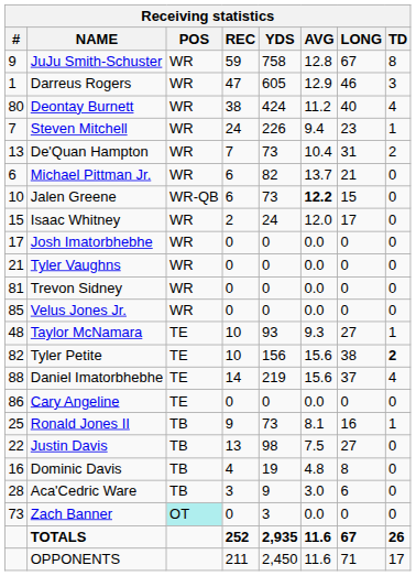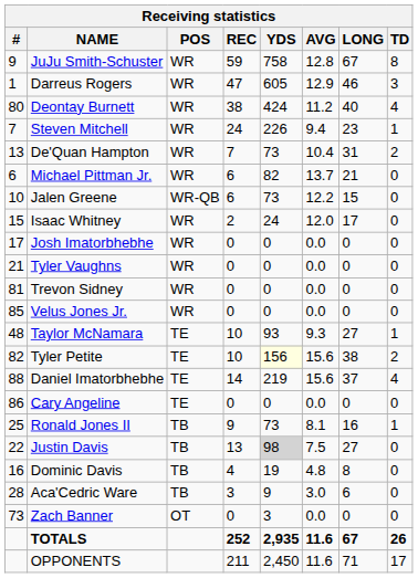 <table class="wikitable sortable collapsible collapsed">
 <tr>
 <th colspan="8">Receiving statistics</th>
 </tr>
 <tr>
 <th>#</th>
 <th>NAME</th>
 <th>POS</th>
 <th>REC</th>
 <th>YDS</th>
 <th>AVG</th>
 <th>LONG</th>
 <th>TD</th>
 </tr>
 <tr>
 <td>9</td>
 <td><a href='#'>JuJu Smith-Schuster</a></td>
 <td>WR</td>
 <td>59</td>
 <td>758</td>
 <td>12.8</td>
 <td>67</td>
 <td>8</td>
 </tr>
 <tr>
 <td>1</td>
 <td>Darreus Rogers</td>
 <td>WR</td>
 <td>47</td>
 <td>605</td>
 <td>12.9</td>
 <td>46</td>
 <td>3</td>
 </tr>
 <tr>
 <td>80</td>
 <td><a href='#'>Deontay Burnett</a></td>
 <td>WR</td>
 <td>38</td>
 <td>424</td>
 <td>11.2</td>
 <td>40</td>
 <td>4</td>
 </tr>
 <tr>
 <td>7</td>
 <td><a href='#'>Steven Mitchell</a></td>
 <td>WR</td>
 <td>24</td>
 <td>226</td>
 <td>9.4</td>
 <td>23</td>
 <td>1</td>
 </tr>
 <tr>
 <td>13</td>
 <td>De'Quan Hampton</td>
 <td>WR</td>
 <td>7</td>
 <td>73</td>
 <td>10.4</td>
 <td>31</td>
 <td>2</td>
 </tr>
 <tr>
 <td>6</td>
 <td><a href='#'>Michael Pittman Jr.</a></td>
 <td>WR</td>
 <td>6</td>
 <td>82</td>
 <td>13.7</td>
 <td>21</td>
 <td>0</td>
 </tr>
 <tr>
 <td>10</td>
 <td>Jalen Greene</td>
 <td>WR-QB</td>
 <td>6</td>
 <td>73</td>
-<td><strong>12.2</strong></td>
+<td>12.2</td>
 <td>15</td>
 <td>0</td>
 </tr>
 <tr>
 <td>15</td>
 <td>Isaac Whitney</td>
 <td>WR</td>
 <td>2</td>
 <td>24</td>
 <td>12.0</td>
 <td>17</td>
 <td>0</td>
 </tr>
 <tr>
 <td>17</td>
 <td><a href='#'>Josh Imatorbhebhe</a></td>
 <td>WR</td>
 <td>0</td>
 <td>0</td>
 <td>0.0</td>
 <td>0</td>
 <td>0</td>
 </tr>
 <tr>
 <td>21</td>
 <td><a href='#'>Tyler Vaughns</a></td>
 <td>WR</td>
 <td>0</td>
 <td>0</td>
 <td>0.0</td>
 <td>0</td>
 <td>0</td>
 </tr>
 <tr>
 <td>81</td>
 <td>Trevon Sidney</td>
 <td>WR</td>
 <td>0</td>
 <td>0</td>
 <td>0.0</td>
 <td>0</td>
 <td>0</td>
 </tr>
 <tr>
 <td>85</td>
 <td><a href='#'>Velus Jones Jr.</a></td>
 <td>WR</td>
 <td>0</td>
 <td>0</td>
 <td>0.0</td>
 <td>0</td>
 <td>0</td>
 </tr>
 <tr>
 <td>48</td>
 <td><a href='#'>Taylor McNamara</a></td>
 <td>TE</td>
 <td>10</td>
 <td>93</td>
 <td>9.3</td>
 <td>27</td>
 <td>1</td>
 </tr>
 <tr>
 <td>82</td>
 <td>Tyler Petite</td>
 <td>TE</td>
 <td>10</td>
-<td>156</td>
+<td style="background: lightyellow;">156</td>
 <td>15.6</td>
 <td>38</td>
-<td><strong>2</strong></td>
+<td>2</td>
 </tr>
 <tr>
 <td>88</td>
 <td>Daniel Imatorbhebhe</td>
 <td>TE</td>
 <td>14</td>
 <td>219</td>
 <td>15.6</td>
 <td>37</td>
 <td>4</td>
 </tr>
 <tr>
 <td>86</td>
 <td><a href='#'>Cary Angeline</a></td>
 <td>TE</td>
 <td>0</td>
 <td>0</td>
 <td>0.0</td>
 <td>0</td>
 <td>0</td>
 </tr>
 <tr>
 <td>25</td>
 <td><a href='#'>Ronald Jones II</a></td>
 <td>TB</td>
 <td>9</td>
 <td>73</td>
 <td>8.1</td>
 <td>16</td>
 <td>1</td>
 </tr>
 <tr>
 <td>22</td>
 <td><a href='#'>Justin Davis</a></td>
 <td>TB</td>
 <td>13</td>
-<td>98</td>
+<td style="background: lightgrey;">98</td>
 <td>7.5</td>
 <td>27</td>
 <td>0</td>
 </tr>
 <tr>
 <td>16</td>
 <td>Dominic Davis</td>
 <td>TB</td>
 <td>4</td>
 <td>19</td>
 <td>4.8</td>
 <td>8</td>
 <td>0</td>
 </tr>
 <tr>
 <td>28</td>
 <td>Aca'Cedric Ware</td>
 <td>TB</td>
 <td>3</td>
 <td>9</td>
 <td>3.0</td>
 <td>6</td>
 <td>0</td>
 </tr>
 <tr>
 <td>73</td>
 <td><a href='#'>Zach Banner</a></td>
-<td style="background: paleturquoise;">OT</td>
+<td>OT</td>
 <td>0</td>
 <td>3</td>
 <td>0.0</td>
 <td>0</td>
 <td>0</td>
 </tr>
 <tr>
 <td></td>
 <td><strong>TOTALS</strong></td>
 <td></td>
 <td><strong>252</strong></td>
 <td><strong>2,935</strong></td>
 <td><strong>11.6</strong></td>
 <td><strong>67</strong></td>
 <td><strong>26</strong></td>
 </tr>
 <tr>
 <td></td>
 <td>OPPONENTS</td>
 <td></td>
 <td>211</td>
 <td>2,450</td>
 <td>11.6</td>
 <td>71</td>
 <td>17</td>
 </tr>
 </table>
